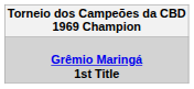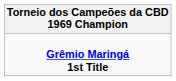 <table class="wikitable" style="text-align: center; margin: 0 auto;">
 <tr>
 <th>Torneio dos Campeões da CBD<br>1969 Champion</th>
 </tr>
 <tr>
-<td style="background: lightgrey;"><br><strong><a href='#'>Grêmio Maringá</a></strong><br><strong>1st Title</strong></td>
+<td><br><strong><a href='#'>Grêmio Maringá</a></strong><br><strong>1st Title</strong></td>
 </tr>
 </table>
